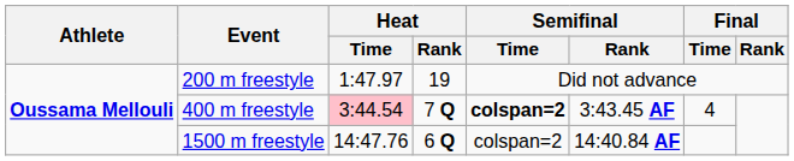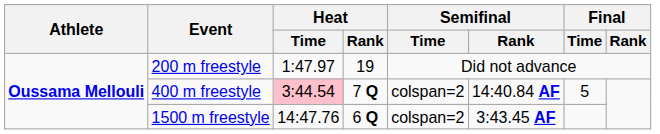 <table class=wikitable style="font-size:90%">
 <tr>
 <th rowspan="2">Athlete</th>
 <th rowspan="2">Event</th>
 <th colspan="2">Heat</th>
 <th colspan="2">Semifinal</th>
 <th colspan="2">Final</th>
 </tr>
 <tr style="font-size:95%">
 <th>Time</th>
 <th>Rank</th>
 <th>Time</th>
 <th>Rank</th>
 <th>Time</th>
 <th>Rank</th>
 </tr>
 <tr align=center>
 <td align=left rowspan=3><strong><a href='#'>Oussama Mellouli</a></strong></td>
 <td align=left><a href='#'>200 m freestyle</a></td>
 <td>1:47.97</td>
 <td>19</td>
 <td colspan=4>Did not advance</td>
 </tr>
 <tr align=center>
 <td align=left><a href='#'>400 m freestyle</a></td>
 <td style="background: pink;">3:44.54</td>
 <td>7 <strong>Q</strong></td>
-<td><strong>colspan=2 </strong></td>
-<td>3:43.45 <strong><a href='#'>AF</a></strong></td>
-<td>4</td>
+<td>colspan=2 </td>
+<td>14:40.84 <strong><a href='#'>AF</a></strong></td>
+<td>5</td>
 </tr>
 <tr align=center>
 <td align=left><a href='#'>1500 m freestyle</a></td>
 <td>14:47.76</td>
 <td>6 <strong>Q</strong></td>
 <td>colspan=2 </td>
-<td>14:40.84 <strong><a href='#'>AF</a></strong></td>
+<td>3:43.45 <strong><a href='#'>AF</a></strong></td>
 <td></td>
 </tr>
 </table>
